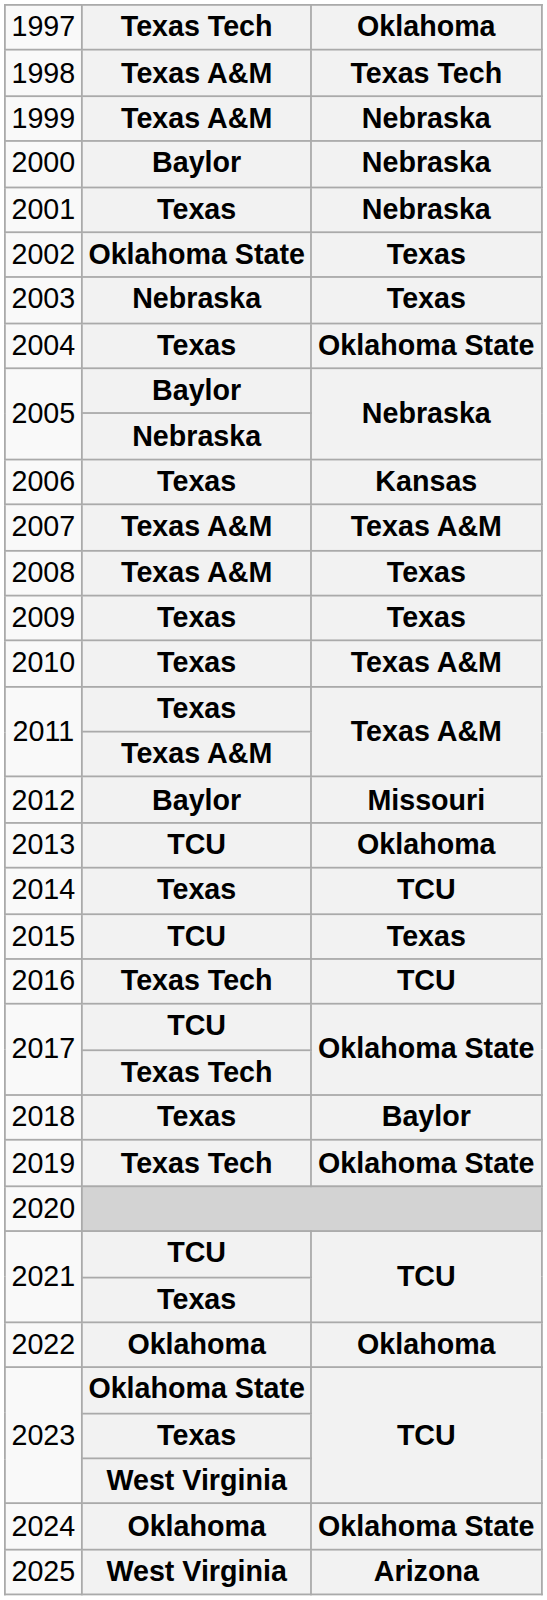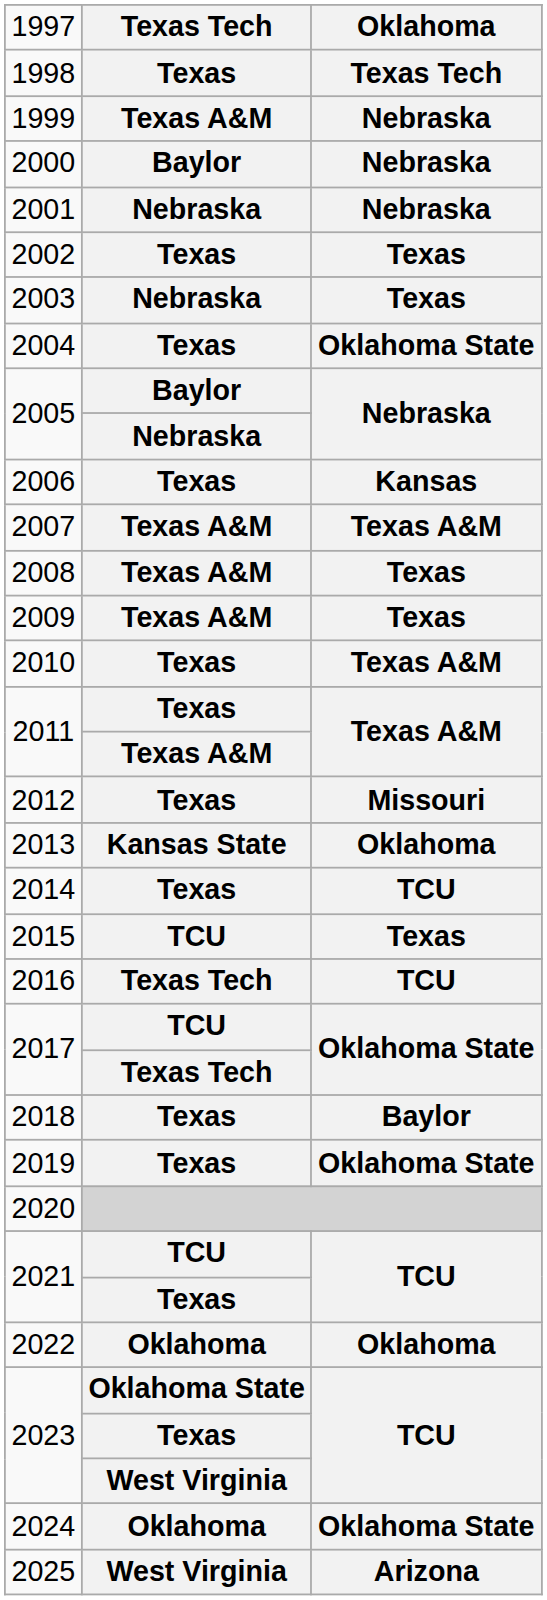 <table class="wikitable" style="text-align: center;">
 <tr>
 <td>1997</td>
 <th>Texas Tech</th>
 <th>Oklahoma</th>
 </tr>
 <tr>
 <td>1998</td>
-<th>Texas A&M</th>
+<th>Texas</th>
 <th>Texas Tech</th>
 </tr>
 <tr>
 <td>1999</td>
 <th>Texas A&M</th>
 <th>Nebraska</th>
 </tr>
 <tr>
 <td>2000</td>
 <th>Baylor</th>
 <th>Nebraska</th>
 </tr>
 <tr>
 <td>2001</td>
-<th>Texas</th>
+<th>Nebraska</th>
 <th>Nebraska</th>
 </tr>
 <tr>
 <td>2002</td>
-<th>Oklahoma State</th>
+<th>Texas</th>
 <th>Texas</th>
 </tr>
 <tr>
 <td>2003</td>
 <th>Nebraska</th>
 <th>Texas</th>
 </tr>
 <tr>
 <td>2004</td>
 <th>Texas</th>
 <th>Oklahoma State</th>
 </tr>
 <tr>
 <td rowspan="2">2005</td>
 <th>Baylor</th>
 <th rowspan="2">Nebraska</th>
 </tr>
 <tr>
 <th>Nebraska</th>
 </tr>
 <tr>
 <td>2006</td>
 <th>Texas</th>
 <th>Kansas</th>
 </tr>
 <tr>
 <td>2007</td>
 <th>Texas A&M</th>
 <th>Texas A&M</th>
 </tr>
 <tr>
 <td>2008</td>
 <th>Texas A&M</th>
 <th>Texas</th>
 </tr>
 <tr>
 <td>2009</td>
-<th>Texas</th>
+<th>Texas A&M</th>
 <th>Texas</th>
 </tr>
 <tr>
 <td>2010</td>
 <th>Texas</th>
 <th>Texas A&M</th>
 </tr>
 <tr>
 <td rowspan="2">2011</td>
 <th>Texas</th>
 <th rowspan="2">Texas A&M</th>
 </tr>
 <tr>
 <th>Texas A&M</th>
 </tr>
 <tr>
 <td>2012</td>
-<th>Baylor</th>
+<th>Texas</th>
 <th>Missouri</th>
 </tr>
 <tr>
 <td>2013</td>
-<th>TCU</th>
+<th>Kansas State</th>
 <th>Oklahoma</th>
 </tr>
 <tr>
 <td>2014</td>
 <th>Texas</th>
 <th>TCU</th>
 </tr>
 <tr>
 <td>2015</td>
 <th>TCU</th>
 <th>Texas</th>
 </tr>
 <tr>
 <td>2016</td>
 <th>Texas Tech</th>
 <th>TCU</th>
 </tr>
 <tr>
 <td rowspan="2">2017</td>
 <th>TCU</th>
 <th rowspan="2">Oklahoma State</th>
 </tr>
 <tr>
 <th>Texas Tech</th>
 </tr>
 <tr>
 <td>2018</td>
 <th>Texas</th>
 <th>Baylor</th>
 </tr>
 <tr>
 <td>2019</td>
-<th>Texas Tech</th>
+<th>Texas</th>
 <th>Oklahoma State</th>
 </tr>
 <tr>
 <td>2020</td>
 <td colspan="2" bgcolor="#d3d3d3"></td>
 </tr>
 <tr>
 <td rowspan="2">2021</td>
 <th>TCU</th>
 <th rowspan="2">TCU</th>
 </tr>
 <tr>
 <th>Texas</th>
 </tr>
 <tr>
 <td>2022</td>
 <th>Oklahoma</th>
 <th>Oklahoma</th>
 </tr>
 <tr>
 <td rowspan="3">2023</td>
 <th>Oklahoma State</th>
 <th rowspan="3">TCU</th>
 </tr>
 <tr>
 <th>Texas</th>
 </tr>
 <tr>
 <th>West Virginia</th>
 </tr>
 <tr>
 <td>2024</td>
 <th>Oklahoma</th>
 <th>Oklahoma State</th>
 </tr>
 <tr>
 <td>2025</td>
 <th>West Virginia</th>
 <th>Arizona</th>
 </tr>
 </table>
